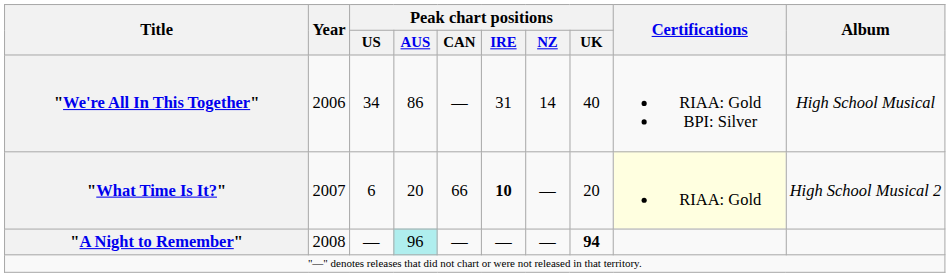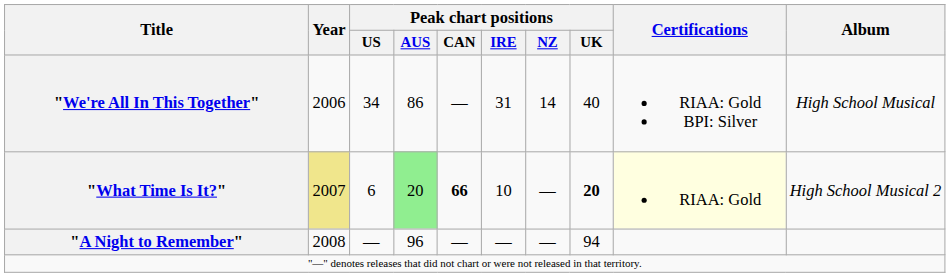 <table class="wikitable plainrowheaders" style="text-align:center;" border="1">
 <tr>
 <th scope="col" rowspan="2" style="width:18em;">Title</th>
 <th scope="col" rowspan="2">Year</th>
 <th scope="col" colspan="6">Peak chart positions</th>
 <th scope="col" rowspan="2" style="width:10em;"><a href='#'>Certifications</a></th>
 <th scope="col" rowspan="2">Album</th>
 </tr>
 <tr>
 <th scope="col" style="width:2.5em;font-size:90%;">US<br></th>
 <th scope="col" style="width:2.5em;font-size:90%;"><a href='#'>AUS</a><br></th>
 <th scope="col" style="width:2.5em;font-size:90%;">CAN<br></th>
 <th scope="col" style="width:2.5em;font-size:90%;"><a href='#'>IRE</a><br></th>
 <th scope="col" style="width:2.5em;font-size:90%;"><a href='#'>NZ</a><br></th>
 <th scope="col" style="width:2.5em;font-size:90%;">UK<br></th>
 </tr>
 <tr>
 <th scope="row">"<a href='#'>We're All In This Together</a>"<br></th>
 <td>2006</td>
 <td>34</td>
 <td>86</td>
 <td>—</td>
 <td>31</td>
 <td>14</td>
 <td>40</td>
 <td><br><ul><li>RIAA: Gold</li><li>BPI: Silver</li></ul></td>
 <td><em>High School Musical</em></td>
 </tr>
 <tr>
 <th scope="row">"<a href='#'>What Time Is It?</a>"<br></th>
-<td>2007</td>
+<td style="background: khaki;">2007</td>
 <td>6</td>
-<td>20</td>
-<td>66</td>
-<td><strong>10</strong></td>
+<td style="background: lightgreen;">20</td>
+<td><strong>66</strong></td>
+<td>10</td>
 <td>—</td>
-<td>20</td>
+<td><strong>20</strong></td>
 <td style="background: lightyellow;"><br><ul><li>RIAA: Gold</li></ul></td>
 <td><em>High School Musical 2</em></td>
 </tr>
 <tr>
 <th scope="row">"<a href='#'>A Night to Remember</a>"<br></th>
 <td>2008</td>
 <td>—</td>
-<td style="background: paleturquoise;">96</td>
+<td>96</td>
 <td>—</td>
 <td>—</td>
 <td>—</td>
-<td><strong>94</strong></td>
+<td>94</td>
 <td></td>
 <td></td>
 </tr>
 <tr>
 <td colspan="14" style="text-align:center; font-size:8pt;">"—" denotes releases that did not chart or were not released in that territory.</td>
 </tr>
 </table>
